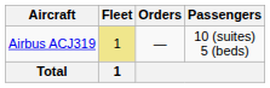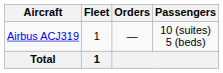 <table class="wikitable" style="margin:auto;text-align:center">
 <tr>
 <th>Aircraft</th>
 <th>Fleet</th>
 <th>Orders</th>
 <th>Passengers</th>
 </tr>
 <tr>
 <td><a href='#'>Airbus ACJ319</a></td>
-<td style="background: khaki;">1</td>
+<td>1</td>
 <td>—</td>
 <td>10 (suites)<br>5 (beds)</td>
 </tr>
 <tr>
 <th>Total</th>
 <th>1</th>
 <th colspan="2"></th>
 </tr>
 </table>
